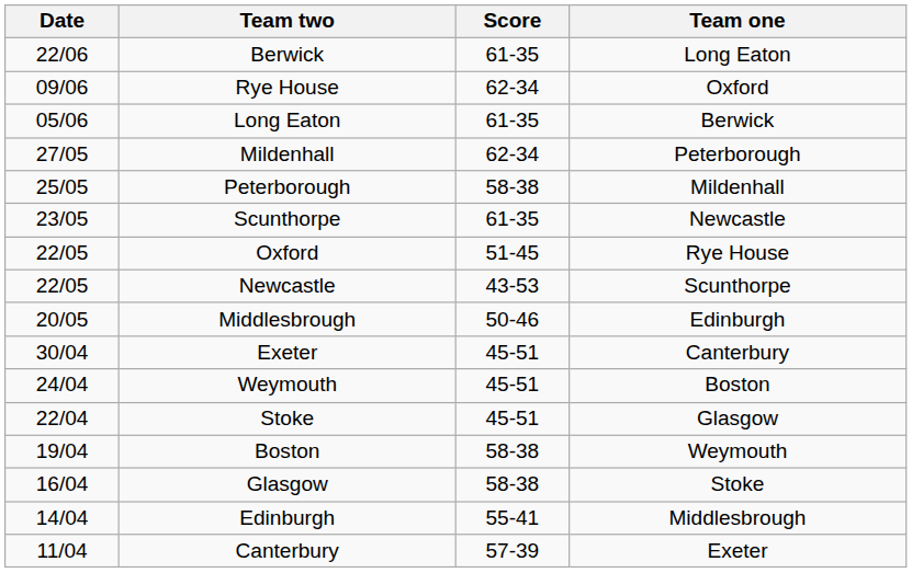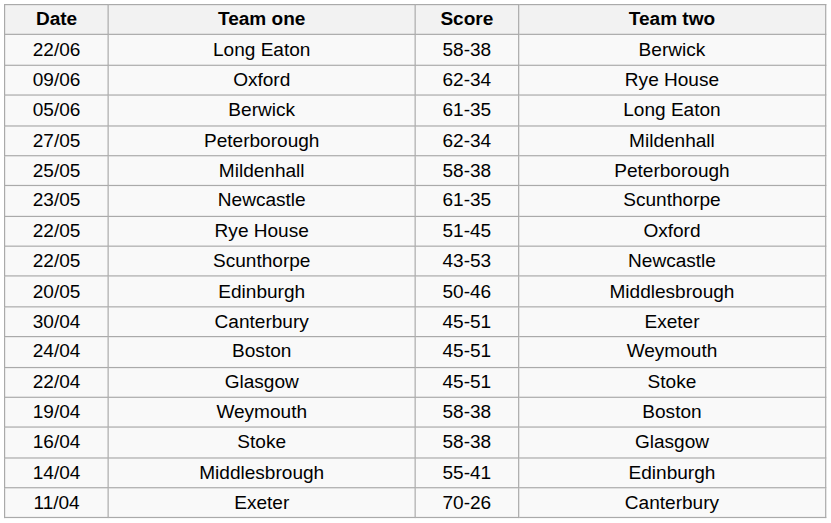 <table class="wikitable" style="text-align: center">
 <tr>
 <th width=80>Date</th>
+<th width=250>Team one</th>
+<th width=80>Score</th>
 <th width=250>Team two</th>
-<th width=80>Score</th>
-<th width=250>Team one</th>
 </tr>
 <tr>
 <td>22/06</td>
+<td>Long Eaton</td>
+<td>58-38</td>
+<td>Berwick</td>
+</tr>
+<tr>
+<td>09/06</td>
+<td>Oxford</td>
+<td>62-34</td>
+<td>Rye House</td>
+</tr>
+<tr>
+<td>05/06</td>
 <td>Berwick</td>
 <td>61-35</td>
 <td>Long Eaton</td>
 </tr>
 <tr>
-<td>09/06</td>
+<td>27/05</td>
+<td>Peterborough</td>
+<td>62-34</td>
+<td>Mildenhall</td>
+</tr>
+<tr>
+<td>25/05</td>
+<td>Mildenhall</td>
+<td>58-38</td>
+<td>Peterborough</td>
+</tr>
+<tr>
+<td>23/05</td>
+<td>Newcastle</td>
+<td>61-35</td>
+<td>Scunthorpe</td>
+</tr>
+<tr>
+<td>22/05</td>
 <td>Rye House</td>
-<td>62-34</td>
+<td>51-45</td>
 <td>Oxford</td>
 </tr>
 <tr>
-<td>05/06</td>
-<td>Long Eaton</td>
-<td>61-35</td>
-<td>Berwick</td>
-</tr>
-<tr>
-<td>27/05</td>
-<td>Mildenhall</td>
-<td>62-34</td>
-<td>Peterborough</td>
-</tr>
-<tr>
-<td>25/05</td>
-<td>Peterborough</td>
-<td>58-38</td>
-<td>Mildenhall</td>
-</tr>
-<tr>
-<td>23/05</td>
+<td>22/05</td>
 <td>Scunthorpe</td>
-<td>61-35</td>
+<td>43-53</td>
 <td>Newcastle</td>
 </tr>
 <tr>
-<td>22/05</td>
-<td>Oxford</td>
-<td>51-45</td>
-<td>Rye House</td>
+<td>20/05</td>
+<td>Edinburgh</td>
+<td>50-46</td>
+<td>Middlesbrough</td>
 </tr>
 <tr>
-<td>22/05</td>
-<td>Newcastle</td>
-<td>43-53</td>
-<td>Scunthorpe</td>
+<td>30/04</td>
+<td>Canterbury</td>
+<td>45-51</td>
+<td>Exeter</td>
 </tr>
 <tr>
-<td>20/05</td>
+<td>24/04</td>
+<td>Boston</td>
+<td>45-51</td>
+<td>Weymouth</td>
+</tr>
+<tr>
+<td>22/04</td>
+<td>Glasgow</td>
+<td>45-51</td>
+<td>Stoke</td>
+</tr>
+<tr>
+<td>19/04</td>
+<td>Weymouth</td>
+<td>58-38</td>
+<td>Boston</td>
+</tr>
+<tr>
+<td>16/04</td>
+<td>Stoke</td>
+<td>58-38</td>
+<td>Glasgow</td>
+</tr>
+<tr>
+<td>14/04</td>
 <td>Middlesbrough</td>
-<td>50-46</td>
+<td>55-41</td>
 <td>Edinburgh</td>
 </tr>
 <tr>
-<td>30/04</td>
+<td>11/04</td>
 <td>Exeter</td>
-<td>45-51</td>
+<td>70-26</td>
 <td>Canterbury</td>
 </tr>
-<tr>
-<td>24/04</td>
-<td>Weymouth</td>
-<td>45-51</td>
-<td>Boston</td>
-</tr>
-<tr>
-<td>22/04</td>
-<td>Stoke</td>
-<td>45-51</td>
-<td>Glasgow</td>
-</tr>
-<tr>
-<td>19/04</td>
-<td>Boston</td>
-<td>58-38</td>
-<td>Weymouth</td>
-</tr>
-<tr>
-<td>16/04</td>
-<td>Glasgow</td>
-<td>58-38</td>
-<td>Stoke</td>
-</tr>
-<tr>
-<td>14/04</td>
-<td>Edinburgh</td>
-<td>55-41</td>
-<td>Middlesbrough</td>
-</tr>
-<tr>
-<td>11/04</td>
-<td>Canterbury</td>
-<td>57-39</td>
-<td>Exeter</td>
-</tr>
 </table>
